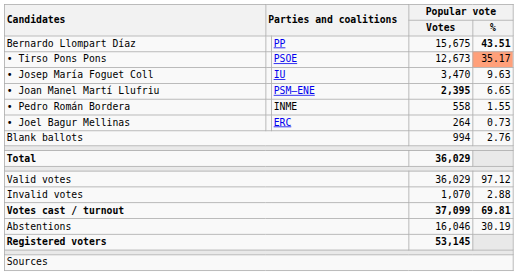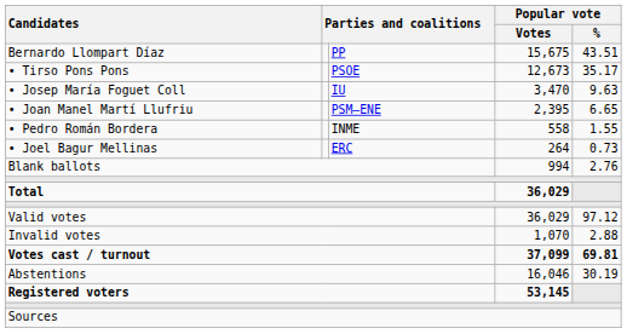 <table class="wikitable" style="text-align:right; font-size:95%;">
 <tr>
 <th style="text-align:left;" rowspan="2" width="325">Candidates</th>
 <th style="text-align:left;" rowspan="2" colspan="2" width="175">Parties and coalitions</th>
 <th colspan="2">Popular vote</th>
 </tr>
 <tr>
 <th width="75">Votes</th>
 <th width="45">%</th>
 </tr>
 <tr>
 <td align="left"> Bernardo Llompart Díaz</td>
 <td width="1" style="color:inherit;background:"></td>
 <td align="left"><a href='#'>PP</a></td>
 <td>15,675</td>
-<td><strong>43.51</strong></td>
+<td>43.51</td>
 </tr>
 <tr>
 <td align="left">• Tirso Pons Pons</td>
 <td style="color:inherit;background:"></td>
 <td align="left"><a href='#'>PSOE</a></td>
 <td>12,673</td>
-<td style="background: lightsalmon;">35.17</td>
+<td>35.17</td>
 </tr>
 <tr>
 <td align="left">• Josep María Foguet Coll</td>
 <td style="color:inherit;background:"></td>
 <td align="left"><a href='#'>IU</a></td>
 <td>3,470</td>
 <td>9.63</td>
 </tr>
 <tr>
 <td align="left">• Joan Manel Martí Llufriu</td>
 <td style="color:inherit;background:"></td>
 <td align="left"><a href='#'>PSM–ENE</a></td>
-<td><strong>2,395</strong></td>
+<td>2,395</td>
 <td>6.65</td>
 </tr>
 <tr>
 <td align="left">• Pedro Román Bordera</td>
 <td style="color:inherit;background:"></td>
 <td align="left">INME</td>
 <td>558</td>
 <td>1.55</td>
 </tr>
 <tr>
 <td align="left">• Joel Bagur Mellinas</td>
 <td style="color:inherit;background:"></td>
 <td align="left"><a href='#'>ERC</a></td>
 <td>264</td>
 <td>0.73</td>
 </tr>
 <tr>
 <td align="left" colspan="3">Blank ballots</td>
 <td>994</td>
 <td>2.76</td>
 </tr>
 <tr>
 <td colspan="5" bgcolor="#E9E9E9"></td>
 </tr>
 <tr style="font-weight:bold;">
 <td align="left" colspan="3">Total</td>
 <td>36,029</td>
 <td bgcolor="#E9E9E9"></td>
 </tr>
 <tr>
 <td colspan="5" bgcolor="#E9E9E9"></td>
 </tr>
 <tr>
 <td align="left" colspan="3">Valid votes</td>
 <td>36,029</td>
 <td>97.12</td>
 </tr>
 <tr>
 <td align="left" colspan="3">Invalid votes</td>
 <td>1,070</td>
 <td>2.88</td>
 </tr>
 <tr style="font-weight:bold;">
 <td align="left" colspan="3">Votes cast / turnout</td>
 <td>37,099</td>
 <td>69.81</td>
 </tr>
 <tr>
 <td align="left" colspan="3">Abstentions</td>
 <td>16,046</td>
 <td>30.19</td>
 </tr>
 <tr style="font-weight:bold;">
 <td align="left" colspan="3">Registered voters</td>
 <td>53,145</td>
 <td bgcolor="#E9E9E9"></td>
 </tr>
 <tr>
 <td colspan="5" bgcolor="#E9E9E9"></td>
 </tr>
 <tr>
 <td align="left" colspan="5">Sources</td>
 </tr>
 </table>
